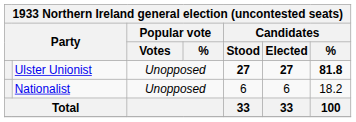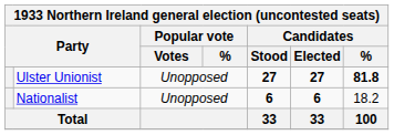 <table class="wikitable" style="font-size:95%">
 <tr>
 <th colspan="16" style="background-color:#f2f2f2">1933 Northern Ireland general election (uncontested seats)</th>
 </tr>
 <tr style="vertical-align:center;">
 <th style="width:150px;" "vertical-align:center;" rowspan="2" colspan="2">Party</th>
 <th colspan="2" style="width: 30px">Popular vote</th>
 <th colspan="3" style="width: 30px">Candidates</th>
 </tr>
 <tr>
 <th style="width:65px;">Votes</th>
 <th style="width:45px;">%</th>
 <th>Stood</th>
 <th>Elected</th>
 <th style="width:45px;">%</th>
 </tr>
 <tr>
 <th style="background-color: "></th>
 <td><a href='#'>Ulster Unionist</a></td>
 <td align="center" colspan="2"><em>Unopposed</em></td>
 <td align="center"><strong>27</strong></td>
 <td align="center"><strong>27</strong></td>
 <td align="center"><strong>81.8</strong></td>
 </tr>
 <tr>
 <th style="background-color: "></th>
 <td><a href='#'>Nationalist</a></td>
 <td align="center" colspan="2"><em>Unopposed</em></td>
-<td align="center">6</td>
-<td align="center">6</td>
+<td align="center"><strong>6</strong></td>
+<td align="center"><strong>6</strong></td>
 <td align="center">18.2</td>
 </tr>
 <tr>
 <th style="width:150px;" "vertical-align:center;" colspan="2">Total</th>
 <th align="center" colspan="2"></th>
 <th align="center">33</th>
 <th align="center">33</th>
 <th align="center">100</th>
 </tr>
 <tr>
 </tr>
 </table>
